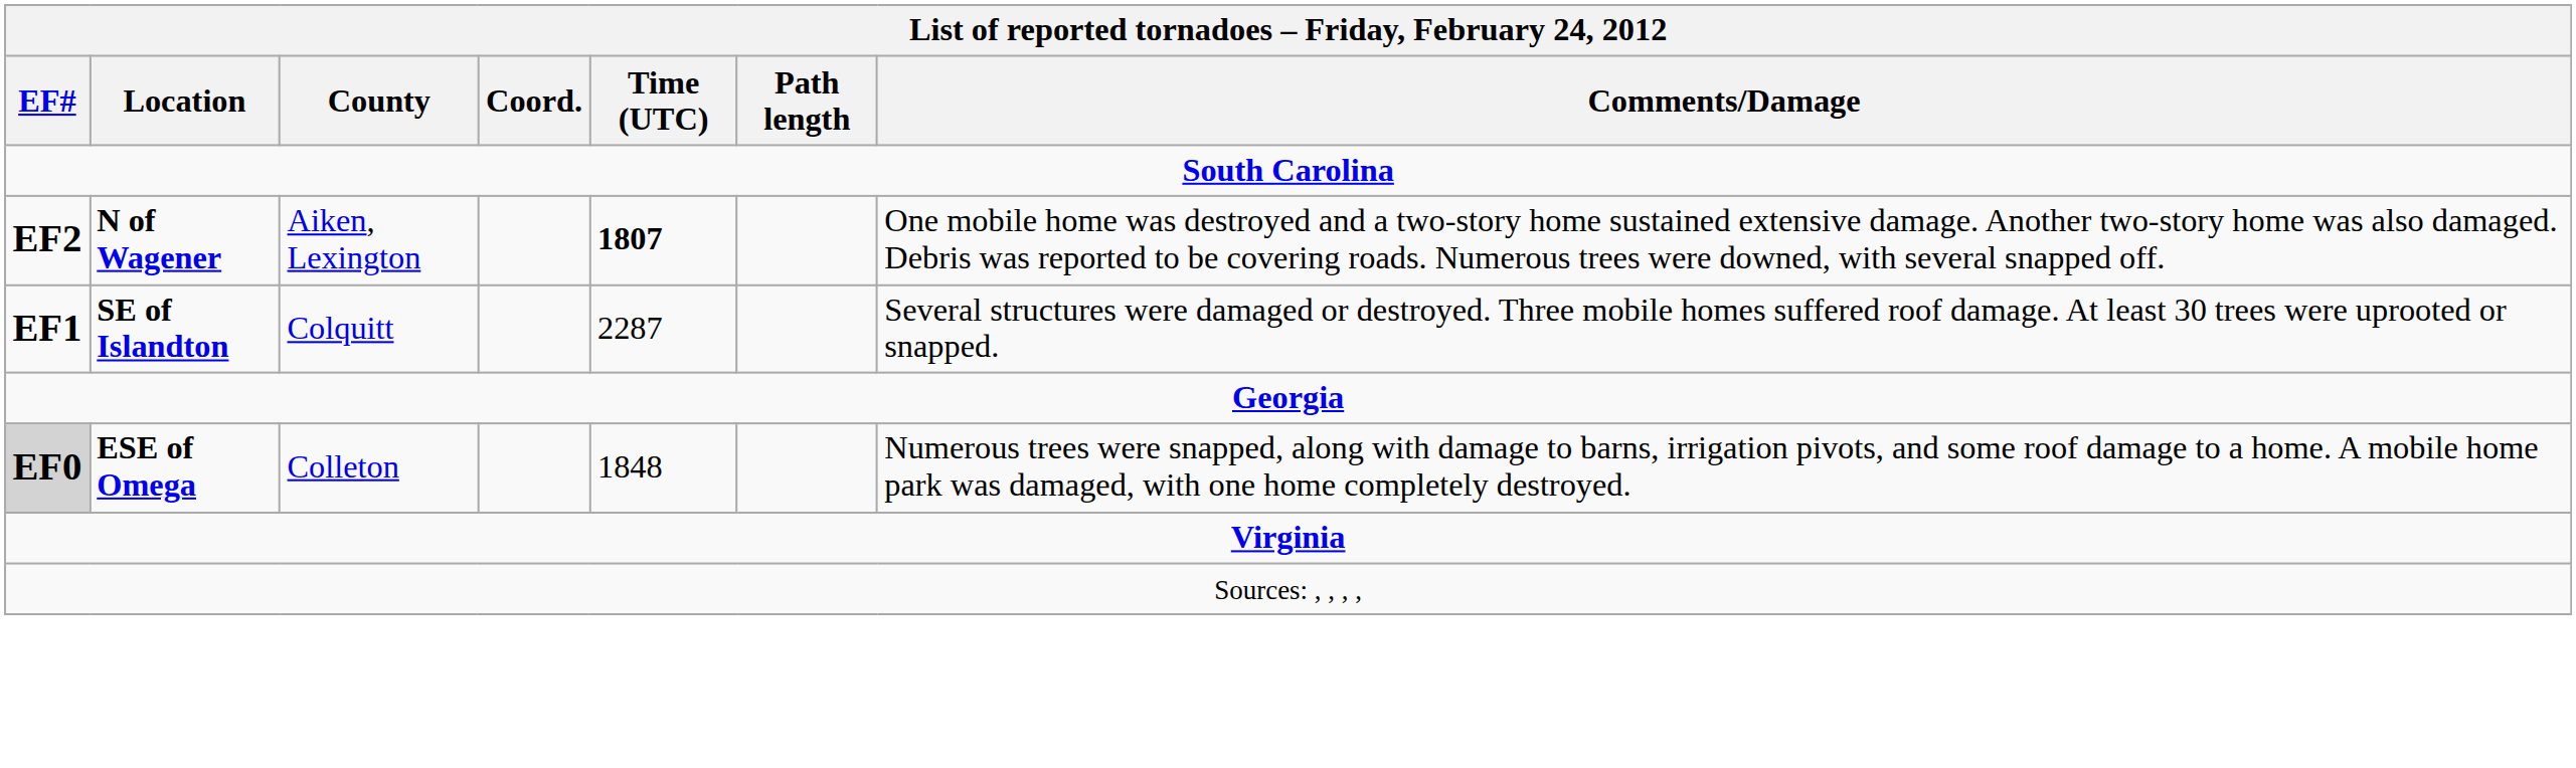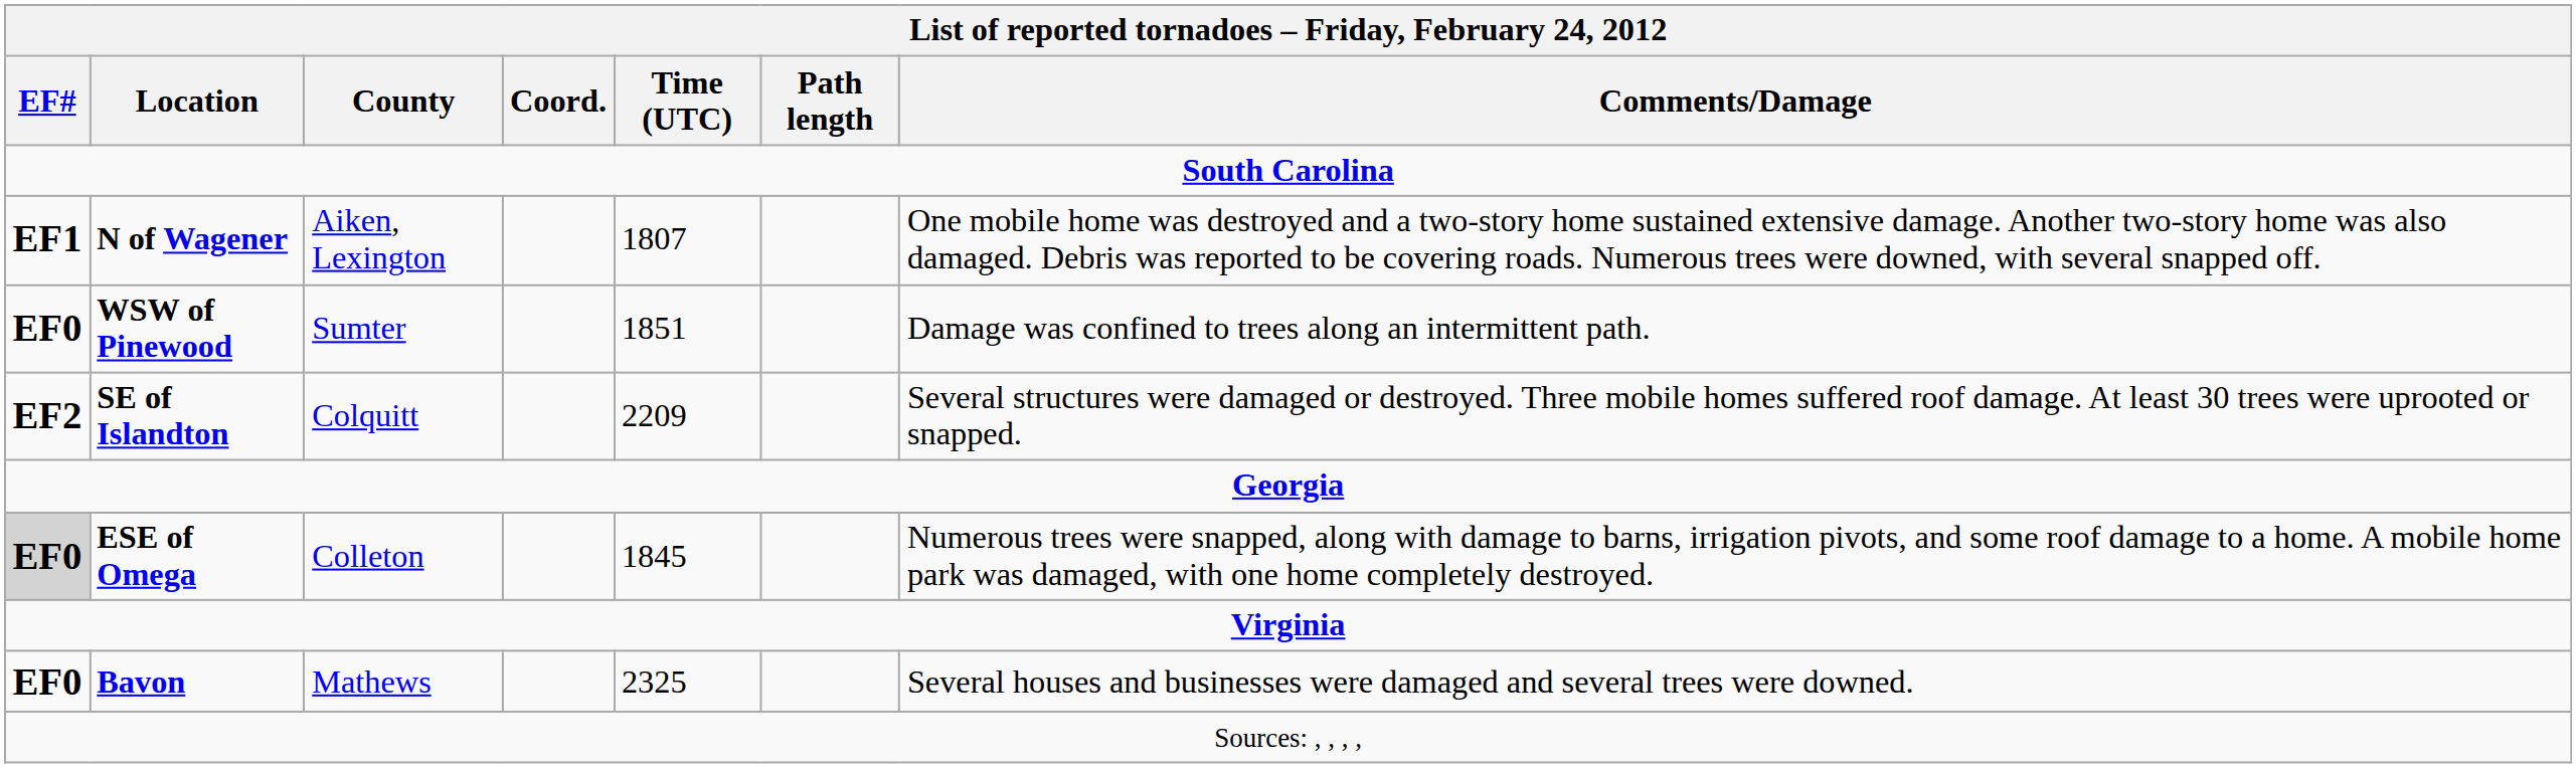 <table class="wikitable collapsible" style="width:100%;">
 <tr>
 <th colspan="7">List of reported tornadoes – Friday, February 24, 2012</th>
 </tr>
 <tr>
 <th><a href='#'>EF#</a></th>
 <th>Location</th>
 <th>County</th>
 <th>Coord.</th>
 <th>Time (UTC)</th>
 <th>Path length</th>
 <th>Comments/Damage</th>
 </tr>
 <tr>
 <td colspan="7" style="text-align:center;"><strong><a href='#'>South Carolina</a></strong></td>
 </tr>
 <tr>
-<td><big><strong>EF2</strong></big></td>
+<td><big><strong>EF1</strong></big></td>
 <td><strong> N of <a href='#'>Wagener</a></strong></td>
 <td><a href='#'>Aiken</a>, <a href='#'>Lexington</a></td>
 <td></td>
-<td><strong>1807</strong></td>
+<td>1807</td>
 <td></td>
 <td>One mobile home was destroyed and a two-story home sustained extensive damage. Another two-story home was also damaged. Debris was reported to be covering roads. Numerous trees were downed, with several snapped off.</td>
 </tr>
 <tr>
-<td><big><strong>EF1</strong></big></td>
+<td><big><strong>EF0</strong></big></td>
+<td><strong>WSW of <a href='#'>Pinewood</a></strong></td>
+<td><a href='#'>Sumter</a></td>
+<td></td>
+<td>1851</td>
+<td></td>
+<td>Damage was confined to trees along an intermittent path.</td>
+</tr>
+<tr>
+<td><big><strong>EF2</strong></big></td>
 <td><strong>SE of <a href='#'>Islandton</a></strong></td>
 <td><a href='#'>Colquitt</a></td>
 <td></td>
-<td>2287</td>
+<td>2209</td>
 <td></td>
 <td>Several structures were damaged or destroyed. Three mobile homes suffered roof damage. At least 30 trees were uprooted or snapped.</td>
 </tr>
 <tr>
 <td colspan="7" style="text-align:center;"><strong><a href='#'>Georgia</a></strong></td>
 </tr>
 <tr>
 <td style="background: lightgrey;"><big><strong>EF0</strong></big></td>
 <td><strong>ESE of <a href='#'>Omega</a></strong></td>
 <td><a href='#'>Colleton</a></td>
 <td></td>
-<td>1848</td>
+<td>1845</td>
 <td></td>
 <td>Numerous trees were snapped, along with damage to barns, irrigation pivots, and some roof damage to a home.  A mobile home park was damaged, with one home completely destroyed.</td>
 </tr>
 <tr>
 <td colspan="7" style="text-align:center;"><strong><a href='#'>Virginia</a></strong></td>
 </tr>
 <tr>
+<td><big><strong>EF0</strong></big></td>
+<td><strong><a href='#'>Bavon</a></strong></td>
+<td><a href='#'>Mathews</a></td>
+<td></td>
+<td>2325</td>
+<td></td>
+<td>Several houses and businesses were damaged and several trees were downed.</td>
+</tr>
+<tr>
 <td colspan="7" style="text-align:center;"><small>Sources: , , , , </small></td>
 </tr>
 </table>
